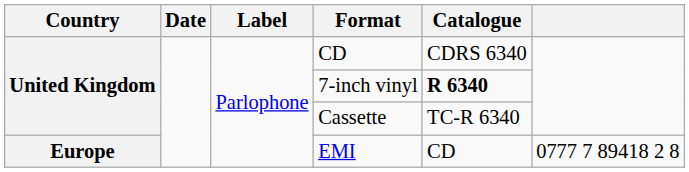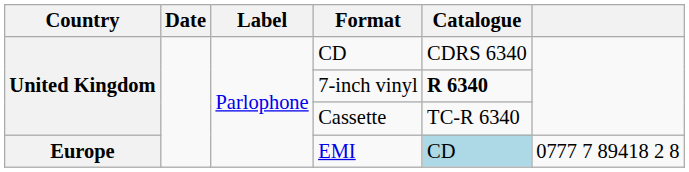 <table class="wikitable plainrowheaders">
 <tr>
 <th>Country</th>
 <th>Date</th>
 <th>Label</th>
 <th>Format</th>
 <th>Catalogue</th>
 <th></th>
 </tr>
 <tr>
 <th scope="row" rowspan="3">United Kingdom</th>
 <td rowspan="4"></td>
 <td rowspan="4"><a href='#'>Parlophone</a></td>
 <td>CD</td>
 <td>CDRS 6340</td>
 <td rowspan="3"></td>
 </tr>
 <tr>
 <td>7-inch vinyl</td>
 <td><strong>R 6340</strong></td>
 </tr>
 <tr>
 <td>Cassette</td>
 <td>TC-R 6340</td>
 </tr>
 <tr>
 <th scope="row">Europe</th>
 <td><a href='#'>EMI</a></td>
-<td>CD</td>
+<td style="background: lightblue;">CD</td>
 <td>0777 7 89418 2 8</td>
 </tr>
 </table>
